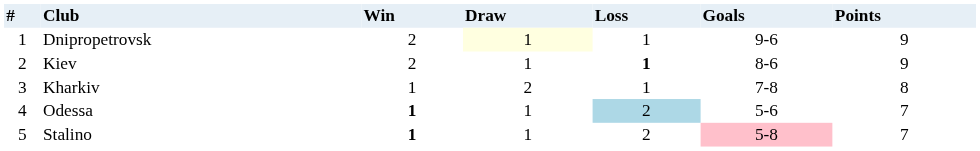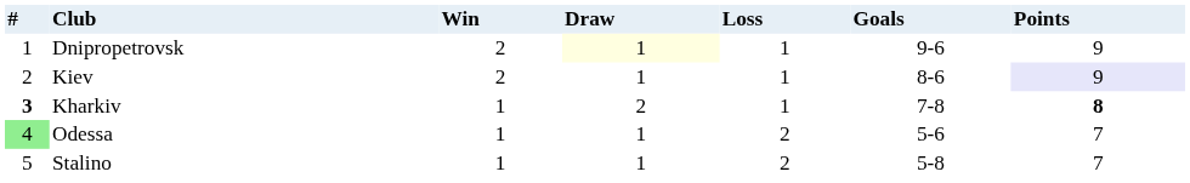 <table class="results" width="900px" cellpadding="2" cellspacing="0">
 <tr class="res_header" bgcolor="#E6EFF6">
 <td><div><strong>#</strong></div></td>
 <td><div><strong>Club</strong></div></td>
 <td><div><strong>Win</strong></div></td>
 <td><div><strong>Draw</strong></div></td>
 <td><div><strong>Loss</strong></div></td>
 <td><div><strong>Goals</strong></div></td>
 <td><div><strong>Points</strong></div></td>
 </tr>
 <tr>
 <td align="center">1</td>
 <td align="left">Dnipropetrovsk</td>
 <td align="center">2</td>
 <td align="center" style="background: lightyellow;">1</td>
 <td align="center">1</td>
 <td align="center">9-6</td>
 <td align="center">9</td>
 </tr>
 <tr>
 <td align="center">2</td>
 <td align="left">Kiev</td>
 <td align="center">2</td>
 <td align="center">1</td>
-<td align="center"><strong>1</strong></td>
+<td align="center">1</td>
 <td align="center">8-6</td>
-<td align="center">9</td>
+<td align="center" style="background: lavender;">9</td>
 </tr>
 <tr>
-<td align="center">3</td>
+<td align="center"><strong>3</strong></td>
 <td align="left">Kharkiv</td>
 <td align="center">1</td>
 <td align="center">2</td>
 <td align="center">1</td>
 <td align="center">7-8</td>
-<td align="center">8</td>
+<td align="center"><strong>8</strong></td>
 </tr>
 <tr>
-<td align="center">4</td>
+<td align="center" style="background: lightgreen;">4</td>
 <td align="left">Odessa</td>
-<td align="center"><strong>1</strong></td>
 <td align="center">1</td>
-<td align="center" style="background: lightblue;">2</td>
+<td align="center">1</td>
+<td align="center">2</td>
 <td align="center">5-6</td>
 <td align="center">7</td>
 </tr>
 <tr>
 <td align="center">5</td>
 <td align="left">Stalino</td>
-<td align="center"><strong>1</strong></td>
+<td align="center">1</td>
 <td align="center">1</td>
 <td align="center">2</td>
-<td align="center" style="background: pink;">5-8</td>
+<td align="center">5-8</td>
 <td align="center">7</td>
 </tr>
 </table>
